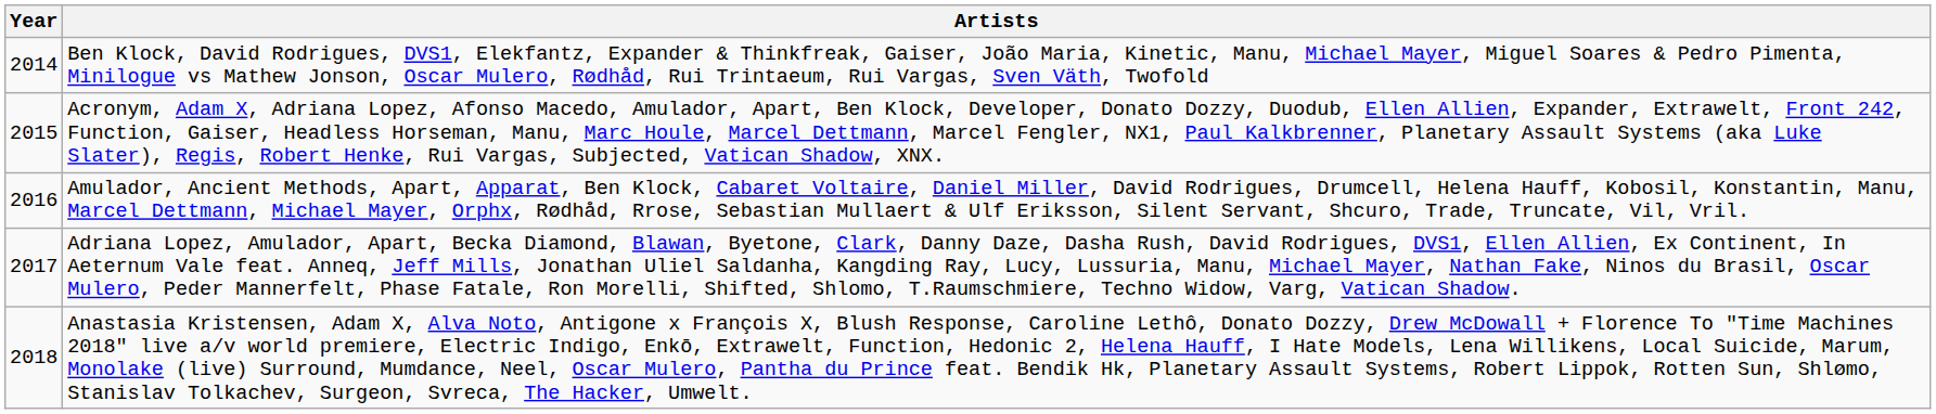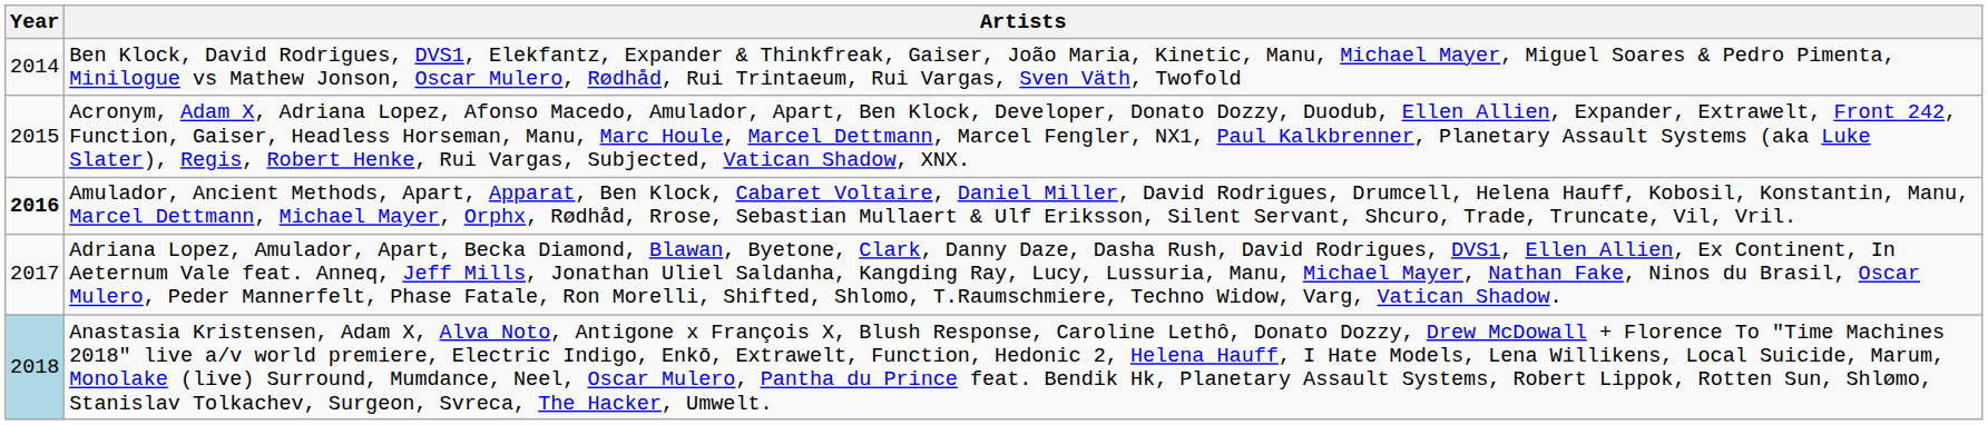 <table class="wikitable">
 <tr>
 <th>Year</th>
 <th>Artists</th>
 </tr>
 <tr>
 <td>2014</td>
 <td>Ben Klock, David Rodrigues, <a href='#'>DVS1</a>, Elekfantz, Expander & Thinkfreak, Gaiser, João Maria, Kinetic, Manu, <a href='#'>Michael Mayer</a>, Miguel Soares & Pedro Pimenta, <a href='#'>Minilogue</a> vs Mathew Jonson, <a href='#'>Oscar Mulero</a>, <a href='#'>Rødhåd</a>, Rui Trintaeum, Rui Vargas, <a href='#'>Sven Väth</a>, Twofold</td>
 </tr>
 <tr>
 <td>2015</td>
 <td>Acronym, <a href='#'>Adam X</a>, Adriana Lopez, Afonso Macedo, Amulador, Apart, Ben Klock, Developer, Donato Dozzy, Duodub, <a href='#'>Ellen Allien</a>, Expander, Extrawelt, <a href='#'>Front 242</a>, Function, Gaiser, Headless Horseman, Manu, <a href='#'>Marc Houle</a>, <a href='#'>Marcel Dettmann</a>, Marcel Fengler, NX1, <a href='#'>Paul Kalkbrenner</a>, Planetary Assault Systems (aka <a href='#'>Luke Slater</a>), <a href='#'>Regis</a>, <a href='#'>Robert Henke</a>, Rui Vargas, Subjected, <a href='#'>Vatican Shadow</a>, XNX.</td>
 </tr>
 <tr>
-<td>2016</td>
+<td><strong>2016</strong></td>
 <td>Amulador, Ancient Methods, Apart, <a href='#'>Apparat</a>, Ben Klock, <a href='#'>Cabaret Voltaire</a>, <a href='#'>Daniel Miller</a>, David Rodrigues, Drumcell, Helena Hauff, Kobosil, Konstantin, Manu, <a href='#'>Marcel Dettmann</a>, <a href='#'>Michael Mayer</a>, <a href='#'>Orphx</a>, Rødhåd, Rrose, Sebastian Mullaert & Ulf Eriksson, Silent Servant, Shcuro, Trade, Truncate, Vil, Vril.</td>
 </tr>
 <tr>
 <td>2017 </td>
 <td>Adriana Lopez, Amulador, Apart, Becka Diamond, <a href='#'>Blawan</a>, Byetone, <a href='#'>Clark</a>, Danny Daze, Dasha Rush, David Rodrigues, <a href='#'>DVS1</a>, <a href='#'>Ellen Allien</a>, Ex Continent, In Aeternum Vale feat. Anneq, <a href='#'>Jeff Mills</a>, Jonathan Uliel Saldanha, Kangding Ray, Lucy, Lussuria, Manu, <a href='#'>Michael Mayer</a>, <a href='#'>Nathan Fake</a>, Ninos du Brasil, <a href='#'>Oscar Mulero</a>, Peder Mannerfelt, Phase Fatale, Ron Morelli, Shifted, Shlomo, T.Raumschmiere, Techno Widow, Varg, <a href='#'>Vatican Shadow</a>.</td>
 </tr>
 <tr>
-<td>2018 </td>
+<td style="background: lightblue;">2018 </td>
 <td>Anastasia Kristensen, Adam X, <a href='#'>Alva Noto</a>, Antigone x François X, Blush Response, Caroline Lethô, Donato Dozzy, <a href='#'>Drew McDowall</a> + Florence To "Time Machines 2018" live a/v world premiere, Electric Indigo, Enkō, Extrawelt, Function, Hedonic 2, <a href='#'>Helena Hauff</a>, I Hate Models, Lena Willikens, Local Suicide, Marum, <a href='#'>Monolake</a> (live) Surround, Mumdance, Neel, <a href='#'>Oscar Mulero</a>, <a href='#'>Pantha du Prince</a> feat. Bendik Hk, Planetary Assault Systems, Robert Lippok, Rotten Sun, Shlømo, Stanislav Tolkachev, Surgeon, Svreca, <a href='#'>The Hacker</a>, Umwelt.</td>
 </tr>
 </table>
